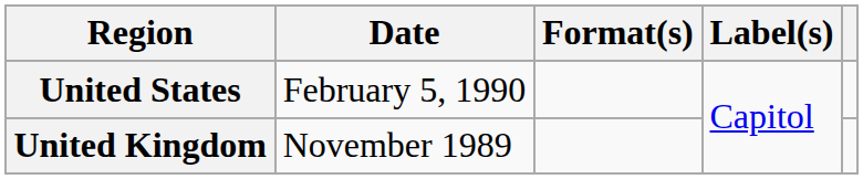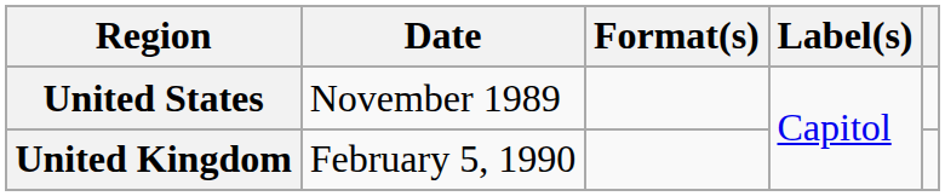 <table class="wikitable plainrowheaders">
 <tr>
 <th scope="col">Region</th>
 <th scope="col">Date</th>
 <th scope="col">Format(s)</th>
 <th scope="col">Label(s)</th>
 <th scope="col"></th>
 </tr>
 <tr>
 <th scope="row">United States</th>
-<td>February 5, 1990</td>
+<td>November 1989</td>
 <td></td>
 <td rowspan="2"><a href='#'>Capitol</a></td>
 <td></td>
 </tr>
 <tr>
 <th scope="row">United Kingdom</th>
-<td>November 1989</td>
+<td>February 5, 1990</td>
 <td></td>
 <td></td>
 </tr>
 </table>
